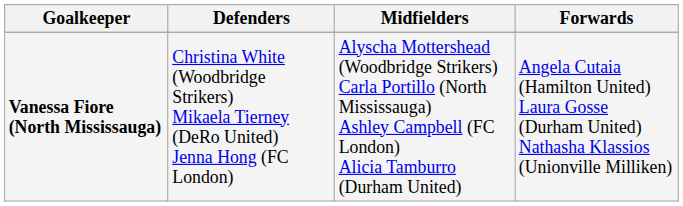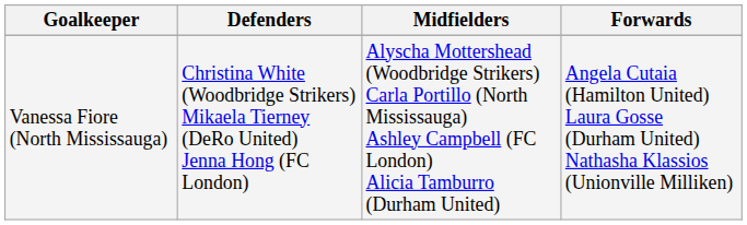 <table class="wikitable">
 <tr style="background:#cccccc;">
 <th>Goalkeeper</th>
 <th>Defenders</th>
 <th>Midfielders</th>
 <th>Forwards</th>
 </tr>
 <tr>
 </tr>
 <tr style="background:#f4f4f4;">
-<td><strong>Vanessa Fiore (North Mississauga)</strong></td>
+<td>Vanessa Fiore (North Mississauga)</td>
 <td><a href='#'>Christina White</a> (Woodbridge Strikers)<br><a href='#'>Mikaela Tierney</a> (DeRo United)<br><a href='#'>Jenna Hong</a> (FC London)</td>
 <td><a href='#'>Alyscha Mottershead</a> (Woodbridge Strikers)<br><a href='#'>Carla Portillo</a> (North Mississauga)<br><a href='#'>Ashley Campbell</a> (FC London)<br><a href='#'>Alicia Tamburro</a> (Durham United)</td>
 <td><a href='#'>Angela Cutaia</a> (Hamilton United)<br><a href='#'>Laura Gosse</a> (Durham United)<br><a href='#'>Nathasha Klassios</a> (Unionville Milliken)</td>
 </tr>
 </table>
